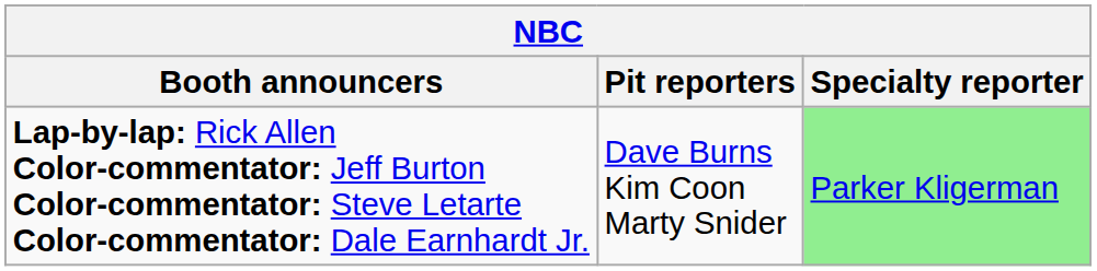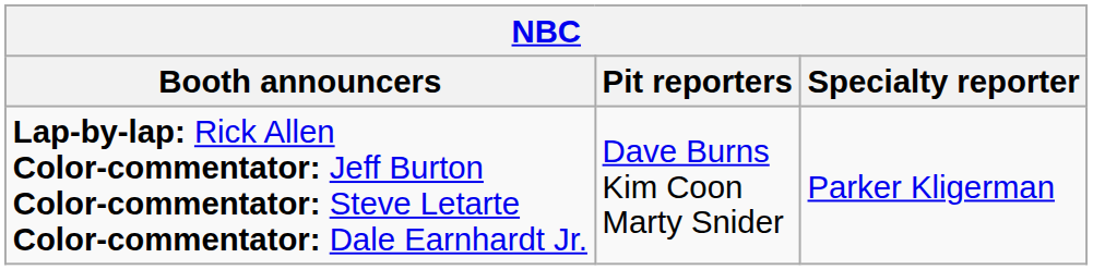 <table class="wikitable" style="font-size: 95%">
 <tr>
 <th colspan="3"><a href='#'>NBC</a></th>
 </tr>
 <tr>
 <th>Booth announcers</th>
 <th>Pit reporters</th>
 <th>Specialty reporter</th>
 </tr>
 <tr>
 <td><strong>Lap-by-lap:</strong> <a href='#'>Rick Allen</a><br><strong>Color-commentator:</strong> <a href='#'>Jeff Burton</a><br><strong>Color-commentator:</strong> <a href='#'>Steve Letarte</a><br><strong>Color-commentator:</strong> <a href='#'>Dale Earnhardt Jr.</a></td>
 <td><a href='#'>Dave Burns</a><br>Kim Coon<br>Marty Snider</td>
-<td style="background: lightgreen;"><a href='#'>Parker Kligerman</a></td>
+<td><a href='#'>Parker Kligerman</a></td>
 </tr>
 </table>
